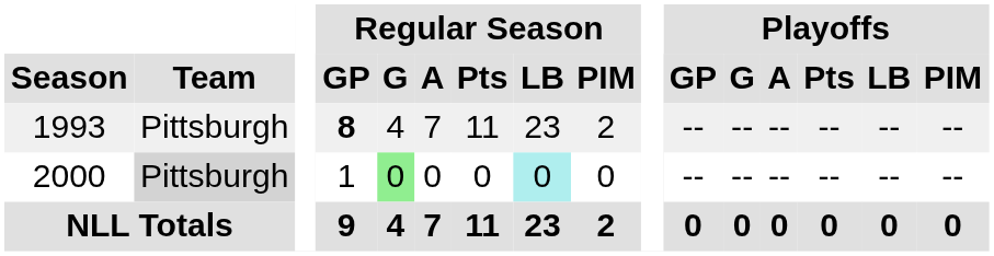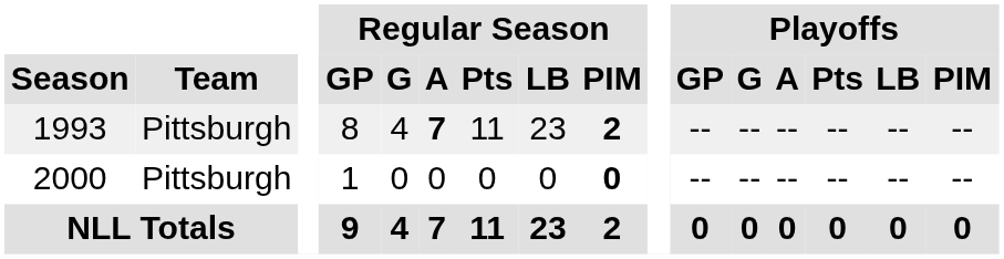 <table BORDER="0" CELLPADDING="3" CELLSPACING="0">
 <tr ALIGN="center" bgcolor="#e0e0e0">
 <th colspan="2" bgcolor="#ffffff"> </th>
 <th rowspan="99" bgcolor="#ffffff"> </th>
 <th colspan="6">Regular Season</th>
 <th rowspan="99" bgcolor="#ffffff"> </th>
 <th colspan="6">Playoffs</th>
 </tr>
 <tr ALIGN="center" bgcolor="#e0e0e0">
 <th>Season</th>
 <th>Team</th>
 <th>GP</th>
 <th>G</th>
 <th>A</th>
 <th>Pts</th>
 <th>LB</th>
 <th>PIM</th>
 <th>GP</th>
 <th>G</th>
 <th>A</th>
 <th>Pts</th>
 <th>LB</th>
 <th>PIM</th>
 </tr>
 <tr ALIGN="center" bgcolor="#f0f0f0">
 <td>1993</td>
 <td>Pittsburgh</td>
-<td><strong>8</strong></td>
+<td>8</td>
 <td>4</td>
-<td>7</td>
+<td><strong>7</strong></td>
 <td>11</td>
 <td>23</td>
-<td>2</td>
+<td><strong>2</strong></td>
 <td>--</td>
 <td>--</td>
 <td>--</td>
 <td>--</td>
 <td>--</td>
 <td>--</td>
 </tr>
 <tr ALIGN="center">
 <td>2000</td>
-<td style="background: lightgrey;">Pittsburgh</td>
+<td>Pittsburgh</td>
 <td>1</td>
-<td style="background: lightgreen;">0</td>
 <td>0</td>
 <td>0</td>
-<td style="background: paleturquoise;">0</td>
 <td>0</td>
+<td>0</td>
+<td><strong>0</strong></td>
 <td>--</td>
 <td>--</td>
 <td>--</td>
 <td>--</td>
 <td>--</td>
 <td>--</td>
 </tr>
 <tr ALIGN="center" bgcolor="#e0e0e0">
 <th colspan="2">NLL Totals</th>
 <th>9</th>
 <th>4</th>
 <th>7</th>
 <th>11</th>
 <th>23</th>
 <th>2</th>
 <th>0</th>
 <th>0</th>
 <th>0</th>
 <th>0</th>
 <th>0</th>
 <th>0</th>
 </tr>
 </table>
